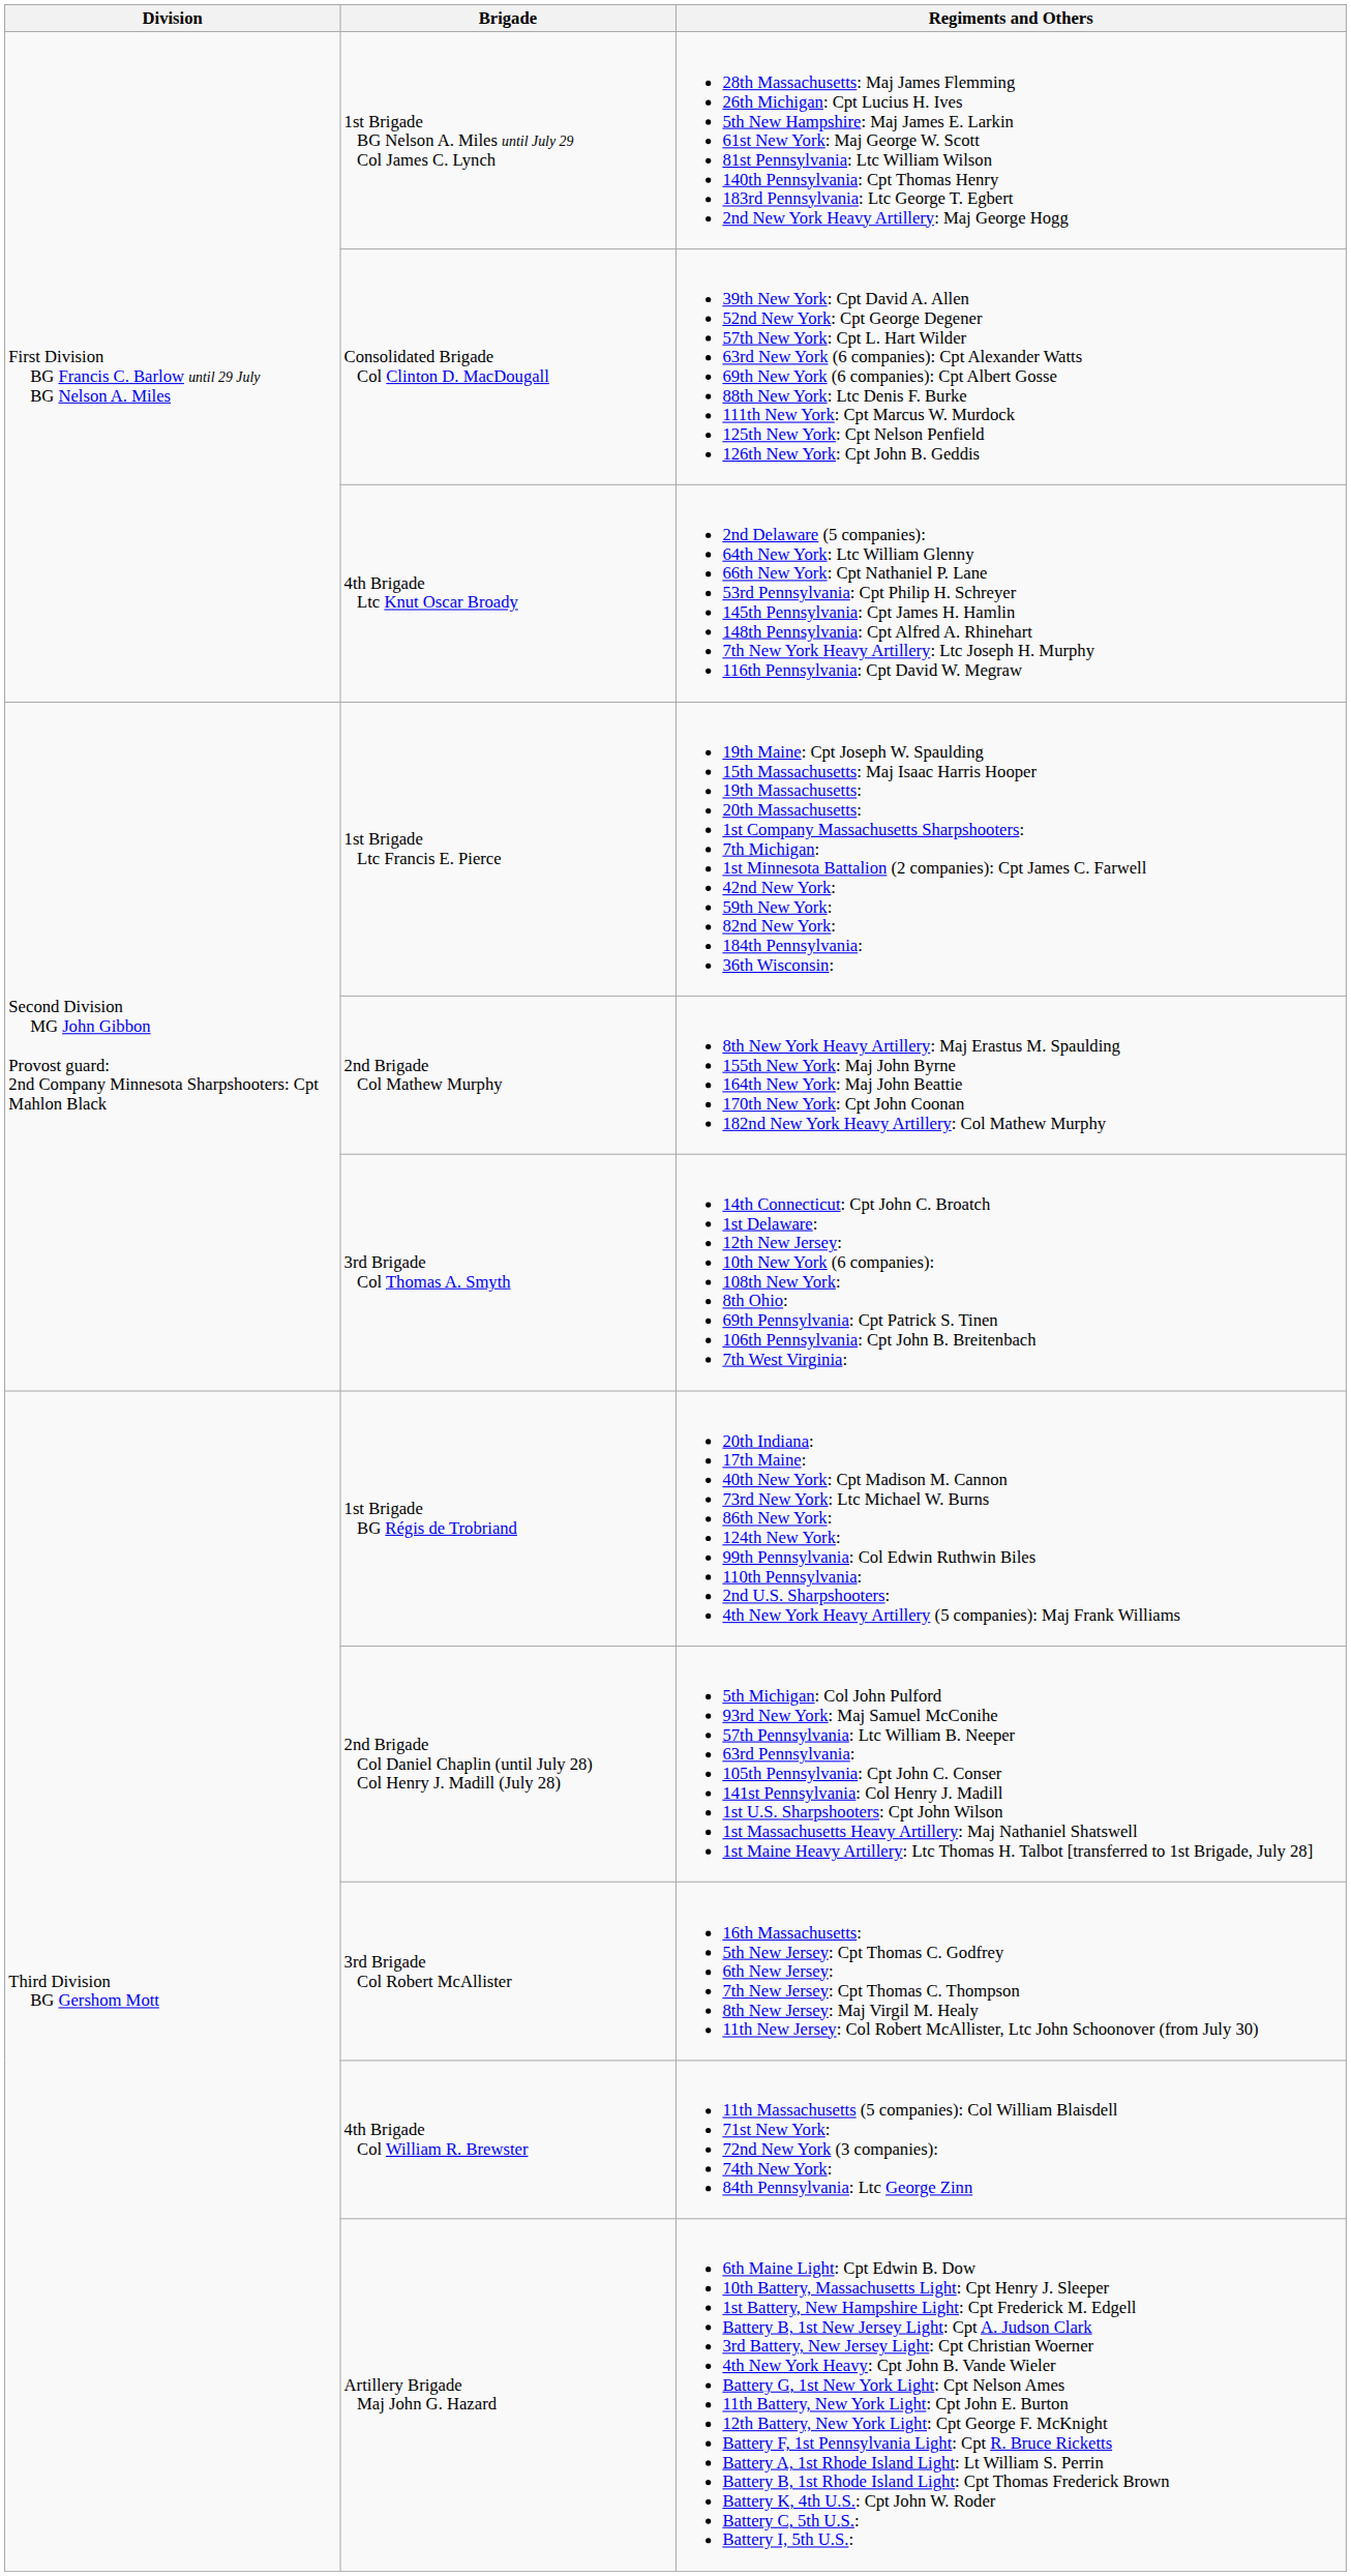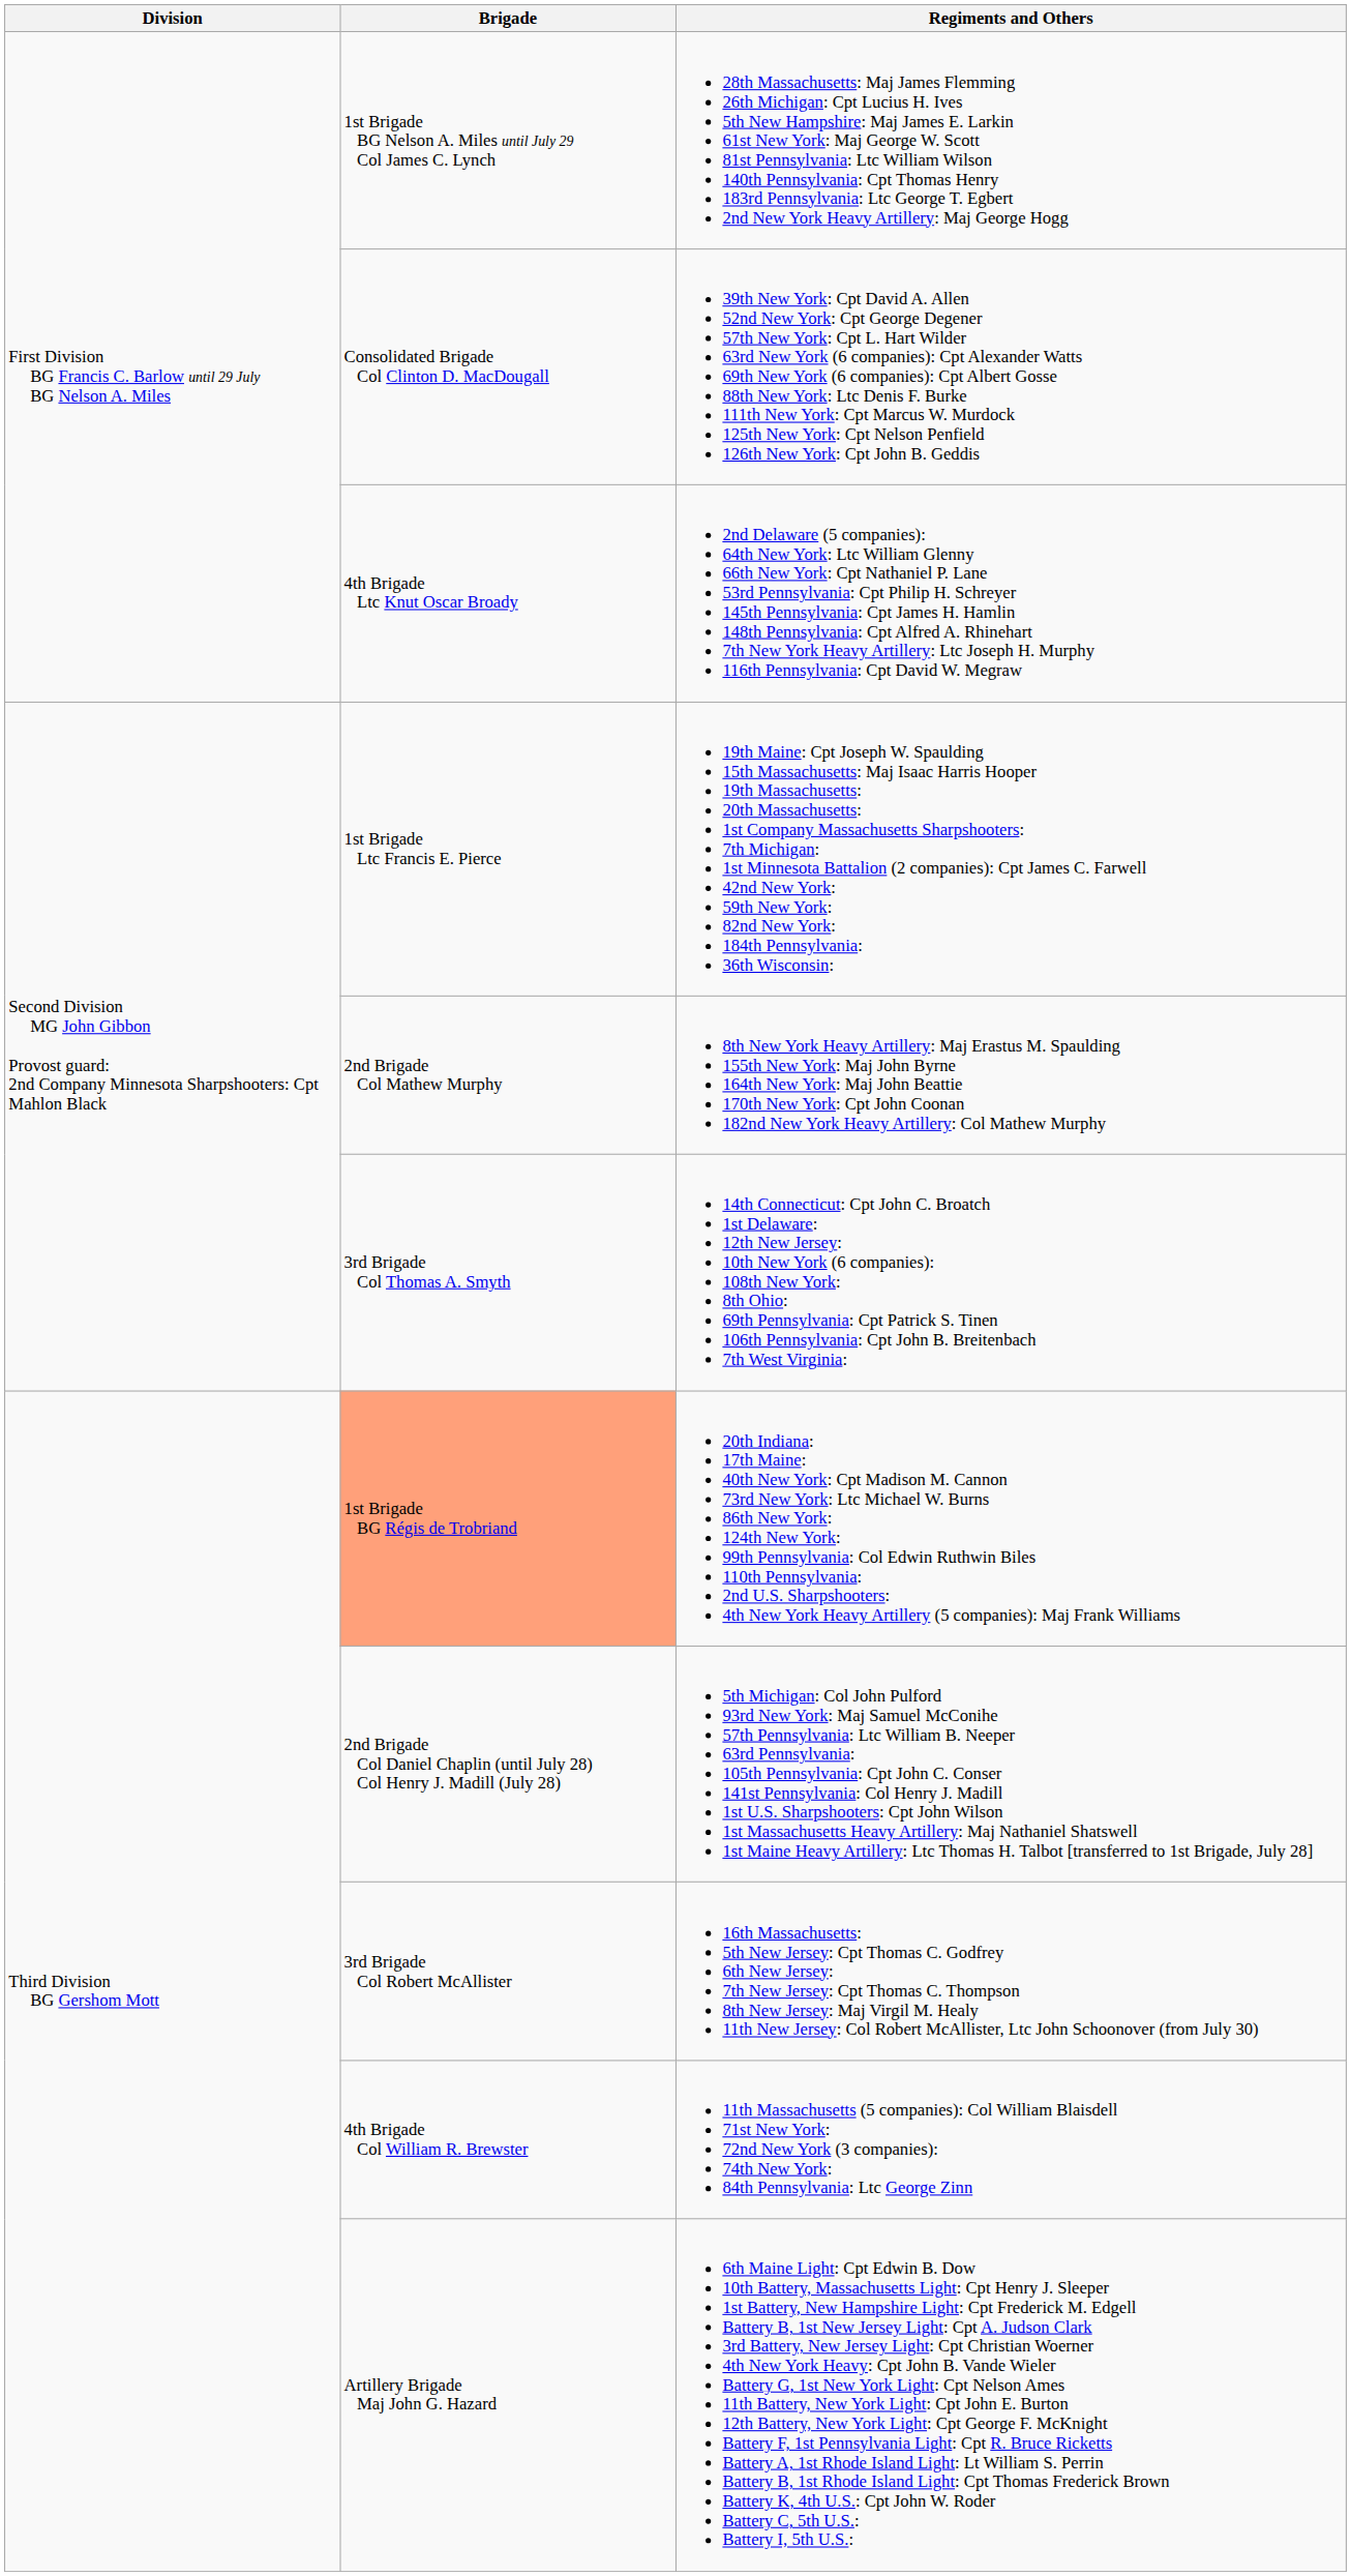 <table class="wikitable">
 <tr>
 <th width=25%>Division</th>
 <th width=25%>Brigade</th>
 <th>Regiments and Others</th>
 </tr>
 <tr>
 <td rowspan=3><br>First Division <br>     BG <a href='#'>Francis C. Barlow</a> <small><em>until 29 July</em></small> <br>     BG <a href='#'>Nelson A. Miles</a></td>
 <td>1st Brigade<br>   BG Nelson A. Miles <small><em>until July 29</em></small> <br>   Col James C. Lynch</td>
 <td><br><ul><li><a href='#'>28th Massachusetts</a>: Maj James Flemming</li><li><a href='#'>26th Michigan</a>: Cpt Lucius H. Ives</li><li><a href='#'>5th New Hampshire</a>: Maj James E. Larkin</li><li><a href='#'>61st New York</a>: Maj George W. Scott</li><li><a href='#'>81st Pennsylvania</a>: Ltc William Wilson</li><li><a href='#'>140th Pennsylvania</a>: Cpt Thomas Henry</li><li><a href='#'>183rd Pennsylvania</a>: Ltc George T. Egbert</li><li><a href='#'>2nd New York Heavy Artillery</a>: Maj George Hogg</li></ul></td>
 </tr>
 <tr>
 <td>Consolidated Brigade<br>   Col <a href='#'>Clinton D. MacDougall</a></td>
 <td><br><ul><li><a href='#'>39th New York</a>: Cpt David A. Allen</li><li><a href='#'>52nd New York</a>: Cpt George Degener</li><li><a href='#'>57th New York</a>: Cpt L. Hart Wilder</li><li><a href='#'>63rd New York</a> (6 companies): Cpt Alexander Watts</li><li><a href='#'>69th New York</a> (6 companies): Cpt Albert Gosse</li><li><a href='#'>88th New York</a>: Ltc Denis F. Burke</li><li><a href='#'>111th New York</a>: Cpt Marcus W. Murdock</li><li><a href='#'>125th New York</a>: Cpt Nelson Penfield</li><li><a href='#'>126th New York</a>: Cpt John B. Geddis</li></ul></td>
 </tr>
 <tr>
 <td>4th Brigade<br>   Ltc <a href='#'>Knut Oscar Broady</a></td>
 <td><br><ul><li><a href='#'>2nd Delaware</a> (5 companies):</li><li><a href='#'>64th New York</a>: Ltc William Glenny</li><li><a href='#'>66th New York</a>: Cpt Nathaniel P. Lane</li><li><a href='#'>53rd Pennsylvania</a>: Cpt Philip H. Schreyer</li><li><a href='#'>145th Pennsylvania</a>: Cpt James H. Hamlin</li><li><a href='#'>148th Pennsylvania</a>: Cpt Alfred A. Rhinehart</li><li><a href='#'>7th New York Heavy Artillery</a>: Ltc Joseph H. Murphy</li><li><a href='#'>116th Pennsylvania</a>: Cpt David W. Megraw</li></ul></td>
 </tr>
 <tr>
 <td rowspan=3><br>Second Division <br>     MG <a href='#'>John Gibbon</a><br> <br> Provost guard:<br> 2nd Company Minnesota Sharpshooters: Cpt Mahlon Black</td>
 <td>1st Brigade<br>   Ltc Francis E. Pierce</td>
 <td><br><ul><li><a href='#'>19th Maine</a>: Cpt Joseph W. Spaulding</li><li><a href='#'>15th Massachusetts</a>: Maj Isaac Harris Hooper</li><li><a href='#'>19th Massachusetts</a>:</li><li><a href='#'>20th Massachusetts</a>:</li><li><a href='#'>1st Company Massachusetts Sharpshooters</a>:</li><li><a href='#'>7th Michigan</a>:</li><li><a href='#'>1st Minnesota Battalion</a> (2 companies): Cpt James C. Farwell</li><li><a href='#'>42nd New York</a>:</li><li><a href='#'>59th New York</a>:</li><li><a href='#'>82nd New York</a>:</li><li><a href='#'>184th Pennsylvania</a>:</li><li><a href='#'>36th Wisconsin</a>:</li></ul></td>
 </tr>
 <tr>
 <td>2nd Brigade<br>   Col Mathew Murphy</td>
 <td><br><ul><li><a href='#'>8th New York Heavy Artillery</a>: Maj Erastus M. Spaulding</li><li><a href='#'>155th New York</a>: Maj John Byrne</li><li><a href='#'>164th New York</a>: Maj John Beattie</li><li><a href='#'>170th New York</a>: Cpt John Coonan</li><li><a href='#'>182nd New York Heavy Artillery</a>: Col Mathew Murphy</li></ul></td>
 </tr>
 <tr>
 <td>3rd Brigade<br>   Col <a href='#'>Thomas A. Smyth</a></td>
 <td><br><ul><li><a href='#'>14th Connecticut</a>: Cpt John C. Broatch</li><li><a href='#'>1st Delaware</a>:</li><li><a href='#'>12th New Jersey</a>:</li><li><a href='#'>10th New York</a> (6 companies):</li><li><a href='#'>108th New York</a>:</li><li><a href='#'>8th Ohio</a>:</li><li><a href='#'>69th Pennsylvania</a>: Cpt Patrick S. Tinen</li><li><a href='#'>106th Pennsylvania</a>: Cpt John B. Breitenbach</li><li><a href='#'>7th West Virginia</a>:</li></ul></td>
 </tr>
 <tr>
 <td rowspan=5><br>Third Division <br>     BG <a href='#'>Gershom Mott</a></td>
-<td>1st Brigade<br>   BG <a href='#'>Régis de Trobriand</a></td>
+<td style="background: lightsalmon;">1st Brigade<br>   BG <a href='#'>Régis de Trobriand</a></td>
 <td><br><ul><li><a href='#'>20th Indiana</a>:</li><li><a href='#'>17th Maine</a>:</li><li><a href='#'>40th New York</a>: Cpt Madison M. Cannon</li><li><a href='#'>73rd New York</a>: Ltc Michael W. Burns</li><li><a href='#'>86th New York</a>:</li><li><a href='#'>124th New York</a>:</li><li><a href='#'>99th Pennsylvania</a>: Col Edwin Ruthwin Biles</li><li><a href='#'>110th Pennsylvania</a>:</li><li><a href='#'>2nd U.S. Sharpshooters</a>:</li><li><a href='#'>4th New York Heavy Artillery</a> (5 companies): Maj Frank Williams</li></ul></td>
 </tr>
 <tr>
 <td>2nd Brigade<br>   Col Daniel Chaplin (until July 28)<br>   Col Henry J. Madill (July 28)</td>
 <td><br><ul><li><a href='#'>5th Michigan</a>: Col John Pulford</li><li><a href='#'>93rd New York</a>: Maj Samuel McConihe</li><li><a href='#'>57th Pennsylvania</a>: Ltc William B. Neeper</li><li><a href='#'>63rd Pennsylvania</a>:</li><li><a href='#'>105th Pennsylvania</a>: Cpt John C. Conser</li><li><a href='#'>141st Pennsylvania</a>: Col Henry J. Madill</li><li><a href='#'>1st U.S. Sharpshooters</a>: Cpt John Wilson</li><li><a href='#'>1st Massachusetts Heavy Artillery</a>: Maj Nathaniel Shatswell</li><li><a href='#'>1st Maine Heavy Artillery</a>: Ltc Thomas H. Talbot [transferred to 1st Brigade, July 28]</li></ul></td>
 </tr>
 <tr>
 <td>3rd Brigade<br>   Col Robert McAllister</td>
 <td><br><ul><li><a href='#'>16th Massachusetts</a>:</li><li><a href='#'>5th New Jersey</a>: Cpt Thomas C. Godfrey</li><li><a href='#'>6th New Jersey</a>:</li><li><a href='#'>7th New Jersey</a>: Cpt Thomas C. Thompson</li><li><a href='#'>8th New Jersey</a>: Maj Virgil M. Healy</li><li><a href='#'>11th New Jersey</a>: Col Robert McAllister, Ltc John Schoonover (from July 30)</li></ul></td>
 </tr>
 <tr>
 <td>4th Brigade<br>   Col <a href='#'>William R. Brewster</a></td>
 <td><br><ul><li><a href='#'>11th Massachusetts</a> (5 companies): Col William Blaisdell</li><li><a href='#'>71st New York</a>:</li><li><a href='#'>72nd New York</a> (3 companies):</li><li><a href='#'>74th New York</a>:</li><li><a href='#'>84th Pennsylvania</a>: Ltc <a href='#'>George Zinn</a></li></ul></td>
 </tr>
 <tr>
 <td>Artillery Brigade<br>   Maj John G. Hazard</td>
 <td><br><ul><li><a href='#'>6th Maine Light</a>: Cpt Edwin B. Dow</li><li><a href='#'>10th Battery, Massachusetts Light</a>: Cpt Henry J. Sleeper</li><li><a href='#'>1st Battery, New Hampshire Light</a>: Cpt Frederick M. Edgell</li><li><a href='#'>Battery B, 1st New Jersey Light</a>: Cpt <a href='#'>A. Judson Clark</a></li><li><a href='#'>3rd Battery, New Jersey Light</a>: Cpt Christian Woerner</li><li><a href='#'>4th New York Heavy</a>: Cpt John B. Vande Wieler</li><li><a href='#'>Battery G, 1st New York Light</a>: Cpt Nelson Ames</li><li><a href='#'>11th Battery, New York Light</a>: Cpt John E. Burton</li><li><a href='#'>12th Battery, New York Light</a>: Cpt George F. McKnight</li><li><a href='#'>Battery F, 1st Pennsylvania Light</a>: Cpt <a href='#'>R. Bruce Ricketts</a></li><li><a href='#'>Battery A, 1st Rhode Island Light</a>: Lt William S. Perrin</li><li><a href='#'>Battery B, 1st Rhode Island Light</a>: Cpt Thomas Frederick Brown</li><li><a href='#'>Battery K, 4th U.S.</a>: Cpt John W. Roder</li><li><a href='#'>Battery C, 5th U.S.</a>:</li><li><a href='#'>Battery I, 5th U.S.</a>:</li></ul></td>
 </tr>
 <tr>
 </tr>
 </table>
